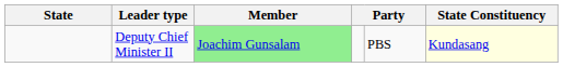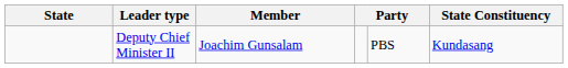 <table class ="wikitable sortable">
 <tr>
 <th style="width:120px;">State</th>
 <th style="width:90px;">Leader type</th>
 <th style="width:180px;">Member</th>
 <th style="width:80px;" colspan=2>Party</th>
 <th style="width:150px;">State Constituency</th>
 </tr>
 <tr>
 <td></td>
 <td><a href='#'>Deputy Chief Minister II</a></td>
-<td style="background: lightgreen;"><a href='#'>Joachim Gunsalam</a></td>
+<td><a href='#'>Joachim Gunsalam</a></td>
 <td></td>
 <td>PBS</td>
-<td style="background: lightyellow;"><a href='#'>Kundasang</a></td>
+<td><a href='#'>Kundasang</a></td>
 </tr>
 </table>
